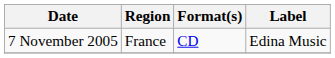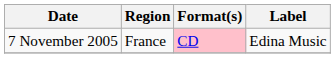 <table class="wikitable">
 <tr>
 <th align="center">Date</th>
 <th align="center">Region</th>
 <th align="center">Format(s)</th>
 <th align="center">Label</th>
 </tr>
 <tr>
 <td align="left">7 November 2005</td>
 <td align="left">France</td>
-<td align="left"><a href='#'>CD</a></td>
+<td align="left" style="background: pink;"><a href='#'>CD</a></td>
 <td align="left">Edina Music</td>
 </tr>
 <tr>
 </tr>
 <tr>
 </tr>
 </table>
